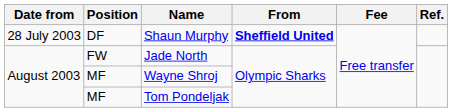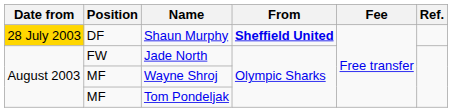 <table class="wikitable">
 <tr>
 <th>Date from</th>
 <th>Position</th>
 <th>Name</th>
 <th>From</th>
 <th>Fee</th>
 <th>Ref.</th>
 </tr>
 <tr>
-<td>28 July 2003</td>
+<td style="background: gold;">28 July 2003</td>
 <td>DF</td>
 <td> <a href='#'>Shaun Murphy</a></td>
 <td><strong><a href='#'>Sheffield United</a></strong></td>
 <td rowspan="5"><a href='#'>Free transfer</a></td>
 <td></td>
 </tr>
 <tr>
 <td rowspan="3">August 2003</td>
 <td>FW</td>
 <td> <a href='#'>Jade North</a></td>
 <td rowspan="3"><a href='#'>Olympic Sharks</a></td>
 <td rowspan="3"></td>
 </tr>
 <tr>
 <td>MF</td>
 <td> <a href='#'>Wayne Shroj</a></td>
 </tr>
 <tr>
 <td>MF</td>
 <td> <a href='#'>Tom Pondeljak</a></td>
 </tr>
 </table>
